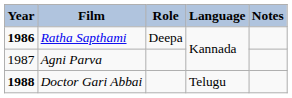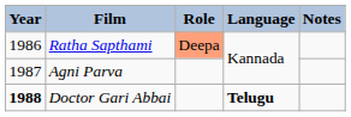 <table class="wikitable" style="font-size:90%" cellpadding="5">
 <tr style="text-align:center;">
 <th style="background:#B0C4DE;">Year</th>
 <th style="background:#B0C4DE;">Film</th>
 <th style="background:#B0C4DE;">Role</th>
 <th style="background:#B0C4DE;">Language</th>
 <th style="background:#B0C4DE;">Notes</th>
 </tr>
 <tr>
-<td rowspan="1"><strong>1986</strong></td>
+<td rowspan="1">1986</td>
 <td><em><a href='#'>Ratha Sapthami</a></em></td>
-<td>Deepa</td>
+<td style="background: lightsalmon;">Deepa</td>
 <td rowspan="2">Kannada</td>
 <td></td>
 </tr>
 <tr>
 <td>1987</td>
 <td><em>Agni Parva</em></td>
 <td></td>
 <td></td>
 </tr>
 <tr>
 <td><strong>1988</strong></td>
 <td><em>Doctor Gari Abbai</em></td>
 <td></td>
-<td>Telugu</td>
+<td><strong>Telugu</strong></td>
 <td></td>
 </tr>
 </table>
